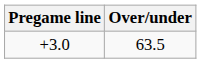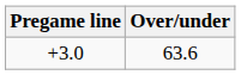 <table class="wikitable" style="margin-left: auto; margin-right: auto; border: none; display: inline-table;">
 <tr align="center">
 <th style=>Pregame line</th>
 <th style=>Over/under</th>
 </tr>
 <tr align="center">
 <td>+3.0</td>
-<td>63.5</td>
+<td>63.6</td>
 </tr>
 </table>
